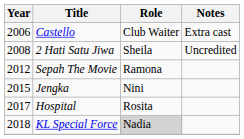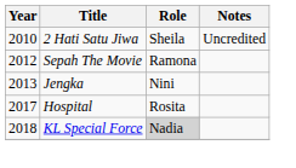 <table class="wikitable">
 <tr>
 <th>Year</th>
 <th>Title</th>
 <th>Role</th>
 <th>Notes</th>
 </tr>
 <tr>
-<td>2006</td>
-<td><em><a href='#'>Castello</a></em></td>
-<td>Club Waiter</td>
-<td>Extra cast</td>
-</tr>
-<tr>
-<td>2008</td>
+<td>2010</td>
 <td><em>2 Hati Satu Jiwa</em></td>
 <td>Sheila</td>
 <td>Uncredited</td>
 </tr>
 <tr>
 <td>2012</td>
 <td><em>Sepah The Movie</em></td>
 <td>Ramona</td>
 <td></td>
 </tr>
 <tr>
-<td>2015</td>
+<td>2013</td>
 <td><em>Jengka</em></td>
 <td>Nini</td>
 <td></td>
 </tr>
 <tr>
 <td>2017</td>
 <td><em>Hospital</em></td>
 <td>Rosita</td>
 <td></td>
 </tr>
 <tr>
 <td>2018</td>
 <td><em><a href='#'>KL Special Force</a></em></td>
 <td style="background: lightgrey;">Nadia</td>
 <td></td>
 </tr>
 <tr>
 </tr>
 </table>
